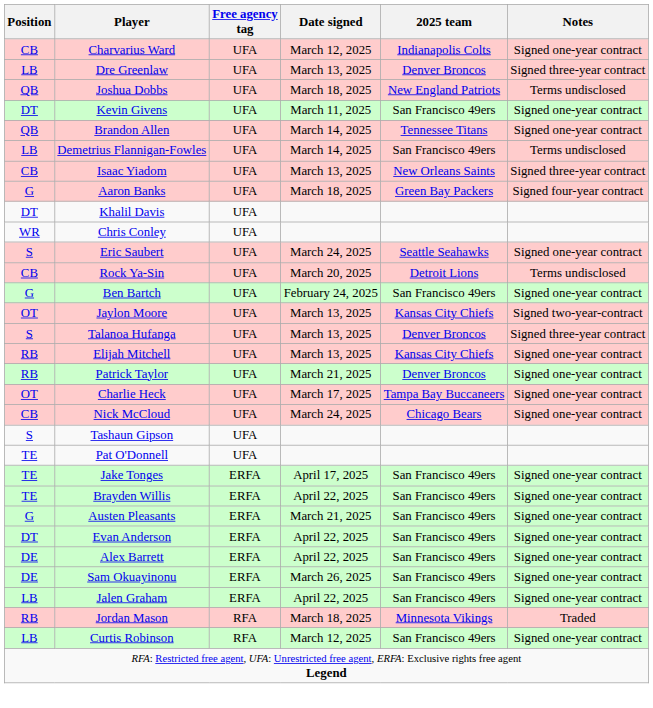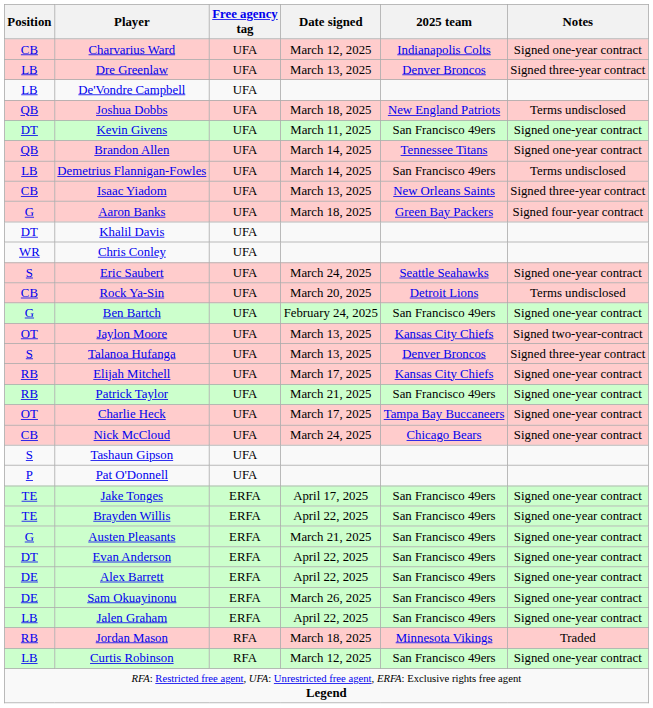 <table class="sortable wikitable" style="text-align:center">
 <tr>
 <th>Position</th>
 <th>Player</th>
 <th><a href='#'><span>Free agency</span></a><br>tag</th>
 <th>Date signed</th>
 <th>2025 team</th>
 <th>Notes</th>
 </tr>
 <tr style="background:#fcc">
 <td><a href='#'>CB</a></td>
 <td><a href='#'>Charvarius Ward</a></td>
 <td>UFA</td>
 <td>March 12, 2025</td>
 <td><a href='#'>Indianapolis Colts</a></td>
 <td>Signed one-year contract</td>
 </tr>
 <tr style="background:#fcc">
 <td><a href='#'>LB</a></td>
 <td><a href='#'>Dre Greenlaw</a></td>
 <td>UFA</td>
 <td>March 13, 2025</td>
 <td><a href='#'>Denver Broncos</a></td>
 <td>Signed three-year contract</td>
+</tr>
+<tr>
+<td><a href='#'>LB</a></td>
+<td><a href='#'>De'Vondre Campbell</a></td>
+<td>UFA</td>
+<td></td>
+<td></td>
+<td></td>
 </tr>
 <tr style="background:#fcc">
 <td><a href='#'>QB</a></td>
 <td><a href='#'>Joshua Dobbs</a></td>
 <td>UFA</td>
 <td>March 18, 2025</td>
 <td><a href='#'>New England Patriots</a></td>
 <td>Terms undisclosed</td>
 </tr>
 <tr style="background:#cfc">
 <td><a href='#'>DT</a></td>
 <td><a href='#'>Kevin Givens</a></td>
 <td>UFA</td>
 <td>March 11, 2025</td>
 <td>San Francisco 49ers</td>
 <td>Signed one-year contract</td>
 </tr>
 <tr style="background:#fcc">
 <td><a href='#'>QB</a></td>
 <td><a href='#'>Brandon Allen</a></td>
 <td>UFA</td>
 <td>March 14, 2025</td>
 <td><a href='#'>Tennessee Titans</a></td>
 <td>Signed one-year contract</td>
 </tr>
 <tr style="background:#fcc">
 <td><a href='#'>LB</a></td>
 <td><a href='#'>Demetrius Flannigan-Fowles</a></td>
 <td>UFA</td>
 <td>March 14, 2025</td>
 <td>San Francisco 49ers</td>
 <td>Terms undisclosed</td>
 </tr>
 <tr style="background:#fcc">
 <td><a href='#'>CB</a></td>
 <td><a href='#'>Isaac Yiadom</a></td>
 <td>UFA</td>
 <td>March 13, 2025</td>
 <td><a href='#'>New Orleans Saints</a></td>
 <td>Signed three-year contract</td>
 </tr>
 <tr style="background:#fcc">
 <td><a href='#'>G</a></td>
 <td><a href='#'>Aaron Banks</a></td>
 <td>UFA</td>
 <td>March 18, 2025</td>
 <td><a href='#'>Green Bay Packers</a></td>
 <td>Signed four-year contract</td>
 </tr>
 <tr>
 <td><a href='#'>DT</a></td>
 <td><a href='#'>Khalil Davis</a></td>
 <td>UFA</td>
 <td></td>
 <td></td>
 <td></td>
 </tr>
 <tr>
 <td><a href='#'>WR</a></td>
 <td><a href='#'>Chris Conley</a></td>
 <td>UFA</td>
 <td></td>
 <td></td>
 <td></td>
 </tr>
 <tr style="background:#fcc">
 <td><a href='#'>S</a></td>
 <td><a href='#'>Eric Saubert</a></td>
 <td>UFA</td>
 <td>March 24, 2025</td>
 <td><a href='#'>Seattle Seahawks</a></td>
 <td>Signed one-year contract</td>
 </tr>
 <tr style="background:#fcc">
 <td><a href='#'>CB</a></td>
 <td><a href='#'>Rock Ya-Sin</a></td>
 <td>UFA</td>
 <td>March 20, 2025</td>
 <td><a href='#'>Detroit Lions</a></td>
 <td>Terms undisclosed</td>
 </tr>
 <tr style="background:#cfc">
 <td><a href='#'>G</a></td>
 <td><a href='#'>Ben Bartch</a></td>
 <td>UFA</td>
 <td>February 24, 2025</td>
 <td>San Francisco 49ers</td>
 <td>Signed one-year contract</td>
 </tr>
 <tr style="background:#fcc">
 <td><a href='#'>OT</a></td>
 <td><a href='#'>Jaylon Moore</a></td>
 <td>UFA</td>
 <td>March 13, 2025</td>
 <td><a href='#'>Kansas City Chiefs</a></td>
 <td>Signed two-year-contract</td>
 </tr>
 <tr style="background:#fcc">
 <td><a href='#'>S</a></td>
 <td><a href='#'>Talanoa Hufanga</a></td>
 <td>UFA</td>
 <td>March 13, 2025</td>
 <td><a href='#'>Denver Broncos</a></td>
 <td>Signed three-year contract</td>
 </tr>
 <tr style="background:#fcc">
 <td><a href='#'>RB</a></td>
 <td><a href='#'>Elijah Mitchell</a></td>
 <td>UFA</td>
-<td>March 13, 2025</td>
+<td>March 17, 2025</td>
 <td><a href='#'>Kansas City Chiefs</a></td>
 <td>Signed one-year contract</td>
 </tr>
 <tr style="background:#cfc">
 <td><a href='#'>RB</a></td>
 <td><a href='#'>Patrick Taylor</a></td>
 <td>UFA</td>
 <td>March 21, 2025</td>
-<td><a href='#'>Denver Broncos</a></td>
+<td>San Francisco 49ers</td>
 <td>Signed one-year contract</td>
 </tr>
 <tr style="background:#fcc">
 <td><a href='#'>OT</a></td>
 <td><a href='#'>Charlie Heck</a></td>
 <td>UFA</td>
 <td>March 17, 2025</td>
 <td><a href='#'>Tampa Bay Buccaneers</a></td>
 <td>Signed one-year contract</td>
 </tr>
 <tr style="background:#fcc">
 <td><a href='#'>CB</a></td>
 <td><a href='#'>Nick McCloud</a></td>
 <td>UFA</td>
 <td>March 24, 2025</td>
 <td><a href='#'>Chicago Bears</a></td>
 <td>Signed one-year contract</td>
 </tr>
 <tr>
 <td><a href='#'>S</a></td>
 <td><a href='#'>Tashaun Gipson</a></td>
 <td>UFA</td>
 <td></td>
 <td></td>
 <td></td>
 </tr>
 <tr>
-<td><a href='#'>TE</a></td>
+<td><a href='#'>P</a></td>
 <td><a href='#'>Pat O'Donnell</a></td>
 <td>UFA</td>
 <td></td>
 <td></td>
 <td></td>
 </tr>
 <tr style="background:#cfc">
 <td><a href='#'>TE</a></td>
 <td><a href='#'>Jake Tonges</a></td>
 <td>ERFA</td>
 <td>April 17, 2025</td>
 <td>San Francisco 49ers</td>
 <td>Signed one-year contract</td>
 </tr>
 <tr style="background:#cfc">
 <td><a href='#'>TE</a></td>
 <td><a href='#'>Brayden Willis</a></td>
 <td>ERFA</td>
 <td>April 22, 2025</td>
 <td>San Francisco 49ers</td>
 <td>Signed one-year contract</td>
 </tr>
 <tr style="background:#cfc">
 <td><a href='#'>G</a></td>
 <td><a href='#'>Austen Pleasants</a></td>
 <td>ERFA</td>
 <td>March 21, 2025</td>
 <td>San Francisco 49ers</td>
 <td>Signed one-year contract</td>
 </tr>
 <tr style="background:#cfc">
 <td><a href='#'>DT</a></td>
 <td><a href='#'>Evan Anderson</a></td>
 <td>ERFA</td>
 <td>April 22, 2025</td>
 <td>San Francisco 49ers</td>
 <td>Signed one-year contract</td>
 </tr>
 <tr style="background:#cfc">
 <td><a href='#'>DE</a></td>
 <td><a href='#'>Alex Barrett</a></td>
 <td>ERFA</td>
 <td>April 22, 2025</td>
 <td>San Francisco 49ers</td>
 <td>Signed one-year contract</td>
 </tr>
 <tr style="background:#cfc">
 <td><a href='#'>DE</a></td>
 <td><a href='#'>Sam Okuayinonu</a></td>
 <td>ERFA</td>
 <td>March 26, 2025</td>
 <td>San Francisco 49ers</td>
 <td>Signed one-year contract</td>
 </tr>
 <tr style="background:#cfc">
 <td><a href='#'>LB</a></td>
 <td><a href='#'>Jalen Graham</a></td>
 <td>ERFA</td>
 <td>April 22, 2025</td>
 <td>San Francisco 49ers</td>
 <td>Signed one-year contract</td>
 </tr>
 <tr style="background:#fcc">
 <td><a href='#'>RB</a></td>
 <td><a href='#'>Jordan Mason</a></td>
 <td>RFA</td>
 <td>March 18, 2025</td>
 <td><a href='#'>Minnesota Vikings</a></td>
 <td>Traded</td>
 </tr>
 <tr style="background:#cfc">
 <td><a href='#'>LB</a></td>
 <td><a href='#'>Curtis Robinson</a></td>
 <td>RFA</td>
 <td>March 12, 2025</td>
 <td>San Francisco 49ers</td>
 <td>Signed one-year contract</td>
 </tr>
 <tr>
 <td colspan="6"><small><em>RFA</em>: <a href='#'>Restricted free agent</a>, <em>UFA</em>: <a href='#'>Unrestricted free agent</a>, <em>ERFA</em>: Exclusive rights free agent</small><br><strong>Legend</strong></td>
 </tr>
 </table>
